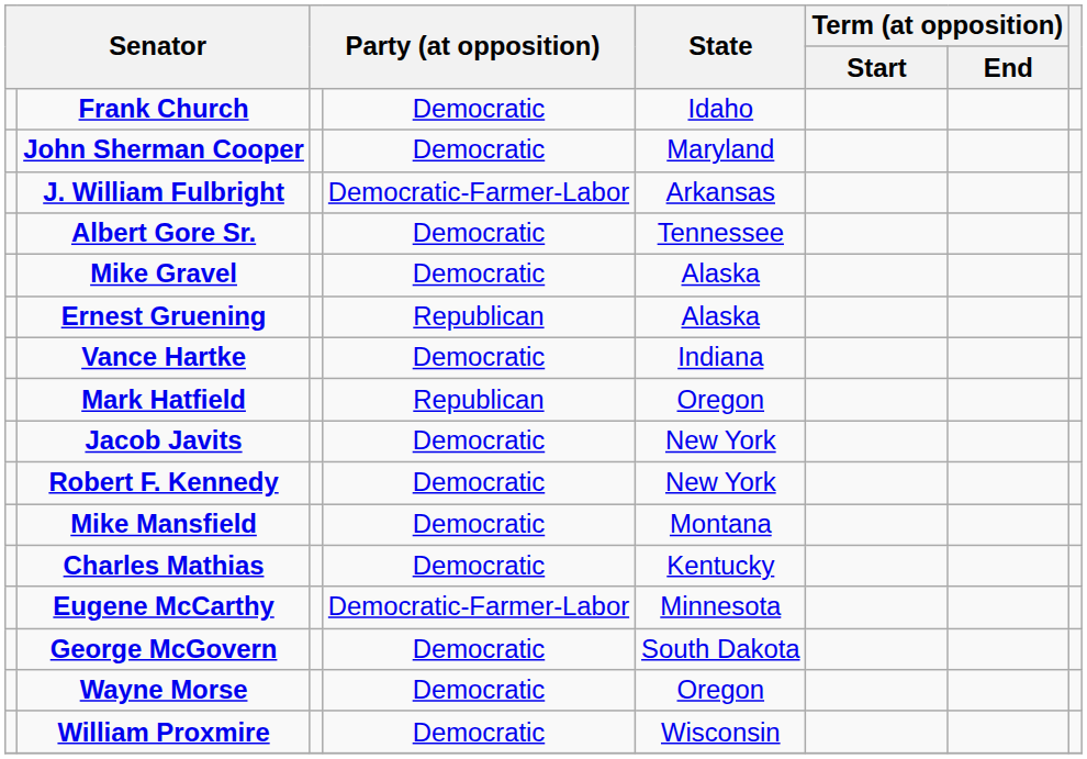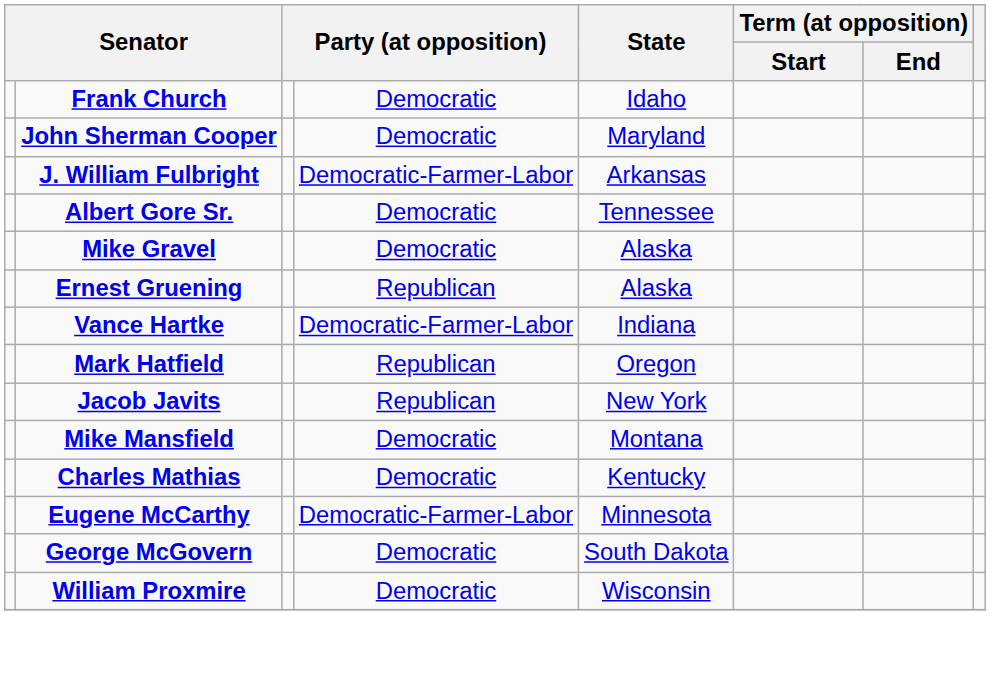 <table class="wikitable sortable" style="text-align:center">
 <tr>
 <th rowspan=2 colspan=2>Senator</th>
 <th rowspan=2 colspan=2>Party (at opposition)</th>
 <th rowspan=2>State</th>
 <th colspan=2>Term (at opposition)</th>
 <th rowspan=2></th>
 </tr>
 <tr>
 <th>Start</th>
 <th>End</th>
 </tr>
 <tr>
 <td data-sort-value="Church, Frank"></td>
 <td><strong><a href='#'>Frank Church</a></strong></td>
 <td style="background-color:"></td>
 <td><a href='#'>Democratic</a></td>
 <td><a href='#'>Idaho</a></td>
 <td></td>
 <td></td>
 <td></td>
 </tr>
 <tr>
 <td data-sort-value="Cooper, John Sherman"></td>
 <td><strong><a href='#'>John Sherman Cooper</a></strong></td>
 <td style="background-color:"></td>
 <td><a href='#'>Democratic</a></td>
 <td><a href='#'>Maryland</a></td>
 <td></td>
 <td></td>
 <td></td>
 </tr>
 <tr>
 <td data-sort-value="Fulbright, J. William"></td>
 <td><strong><a href='#'>J. William Fulbright</a></strong></td>
 <td style="background-color:"></td>
 <td><a href='#'>Democratic-Farmer-Labor</a></td>
 <td><a href='#'>Arkansas</a></td>
 <td></td>
 <td></td>
 <td></td>
 </tr>
 <tr>
 <td data-sort-value="Gore, Albert, Sr."></td>
 <td><strong><a href='#'>Albert Gore Sr.</a></strong></td>
 <td style="background-color:"></td>
 <td><a href='#'>Democratic</a></td>
 <td><a href='#'>Tennessee</a></td>
 <td></td>
 <td></td>
 <td></td>
 </tr>
 <tr>
 <td data-sort-value="Gravel, Mike"></td>
 <td><strong><a href='#'>Mike Gravel</a></strong></td>
 <td style="background-color:"></td>
 <td><a href='#'>Democratic</a></td>
 <td><a href='#'>Alaska</a></td>
 <td></td>
 <td></td>
 <td></td>
 </tr>
 <tr>
 <td data-sort-value="Gruening, Ernest"></td>
 <td><strong><a href='#'>Ernest Gruening</a></strong></td>
 <td style="background-color:"></td>
 <td><a href='#'>Republican</a></td>
 <td><a href='#'>Alaska</a></td>
 <td></td>
 <td></td>
 <td></td>
 </tr>
 <tr>
 <td data-sort-value="Hartke, Vance"></td>
 <td><strong><a href='#'>Vance Hartke</a></strong></td>
 <td style="background-color:"></td>
-<td><a href='#'>Democratic</a></td>
+<td><a href='#'>Democratic-Farmer-Labor</a></td>
 <td><a href='#'>Indiana</a></td>
 <td></td>
 <td></td>
 <td></td>
 </tr>
 <tr>
 <td data-sort-value="Hatfield, Mark"></td>
 <td><strong><a href='#'>Mark Hatfield</a></strong></td>
 <td style="background-color:"></td>
 <td><a href='#'>Republican</a></td>
 <td><a href='#'>Oregon</a></td>
 <td></td>
 <td></td>
 <td></td>
 </tr>
 <tr>
 <td data-sort-value="Javits, Jacob"></td>
 <td><strong><a href='#'>Jacob Javits</a></strong></td>
 <td style="background-color:"></td>
-<td><a href='#'>Democratic</a></td>
-<td><a href='#'>New York</a></td>
-<td></td>
-<td></td>
-<td></td>
-</tr>
-<tr>
-<td data-sort-value="Kennedy, Robert F."></td>
-<td><strong><a href='#'>Robert F. Kennedy</a></strong></td>
-<td style="background-color:"></td>
-<td><a href='#'>Democratic</a></td>
+<td><a href='#'>Republican</a></td>
 <td><a href='#'>New York</a></td>
 <td></td>
 <td></td>
 <td></td>
 </tr>
 <tr>
 <td data-sort-value="Mansfield, Mike"></td>
 <td><strong><a href='#'>Mike Mansfield</a></strong></td>
 <td style="background-color:"></td>
 <td><a href='#'>Democratic</a></td>
 <td><a href='#'>Montana</a></td>
 <td></td>
 <td></td>
 <td></td>
 </tr>
 <tr>
 <td data-sort-value="Mathias, Charles"></td>
 <td><strong><a href='#'>Charles Mathias</a></strong></td>
 <td style="background-color:"></td>
 <td><a href='#'>Democratic</a></td>
 <td><a href='#'>Kentucky</a></td>
 <td></td>
 <td></td>
 <td></td>
 </tr>
 <tr>
 <td data-sort-value="McCarthy, Eugene"></td>
 <td><strong><a href='#'>Eugene McCarthy</a></strong></td>
 <td style="background-color:"></td>
 <td><a href='#'>Democratic-Farmer-Labor</a></td>
 <td><a href='#'>Minnesota</a></td>
 <td></td>
 <td></td>
 <td></td>
 </tr>
 <tr>
 <td data-sort-value="McGovern, George"></td>
 <td><strong><a href='#'>George McGovern</a></strong></td>
 <td style="background-color:"></td>
 <td><a href='#'>Democratic</a></td>
 <td><a href='#'>South Dakota</a></td>
 <td></td>
 <td></td>
 <td></td>
 </tr>
 <tr>
-<td data-sort-value="Morse, Wayne"></td>
-<td><strong><a href='#'>Wayne Morse</a></strong></td>
-<td style="background-color:"></td>
-<td><a href='#'>Democratic</a></td>
-<td><a href='#'>Oregon</a></td>
-<td></td>
-<td></td>
-<td></td>
-</tr>
-<tr>
 <td data-sort-value="Proxmire, William"></td>
 <td><strong><a href='#'>William Proxmire</a></strong></td>
 <td style="background-color:"></td>
 <td><a href='#'>Democratic</a></td>
 <td><a href='#'>Wisconsin</a></td>
 <td></td>
 <td></td>
 <td></td>
 </tr>
 <tr>
 </tr>
 </table>
